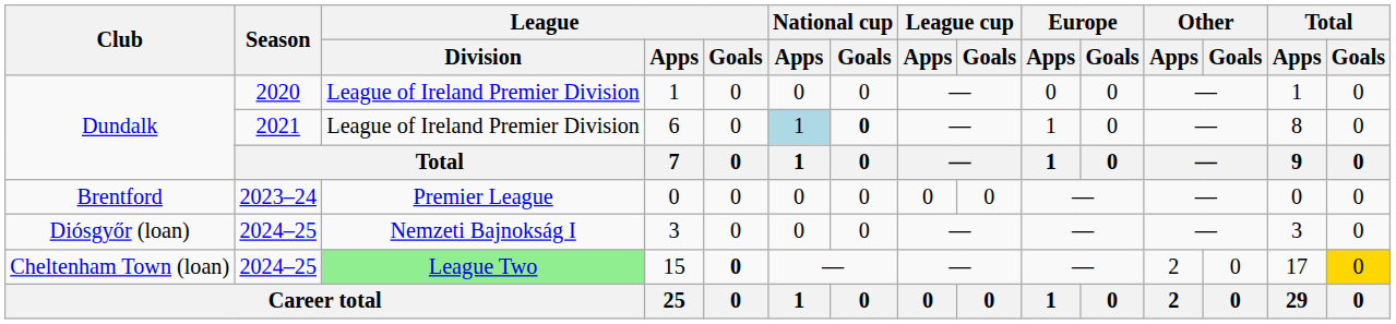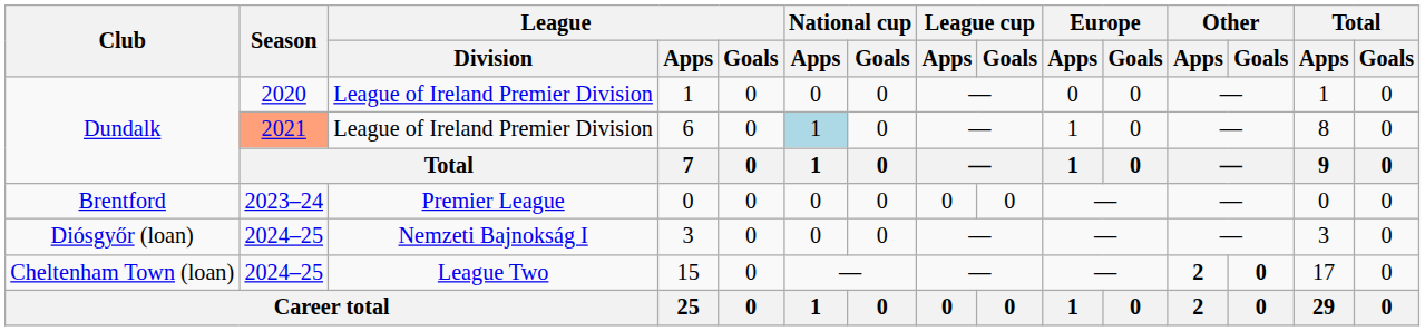 <table class="wikitable" style="text-align:center">
 <tr>
 <th rowspan="2">Club</th>
 <th rowspan="2">Season</th>
 <th colspan="3">League</th>
 <th colspan="2">National cup</th>
 <th colspan="2">League cup</th>
 <th colspan="2">Europe</th>
 <th colspan="2">Other</th>
 <th colspan="2">Total</th>
 </tr>
 <tr>
 <th>Division</th>
 <th>Apps</th>
 <th>Goals</th>
 <th>Apps</th>
 <th>Goals</th>
 <th>Apps</th>
 <th>Goals</th>
 <th>Apps</th>
 <th>Goals</th>
 <th>Apps</th>
 <th>Goals</th>
 <th>Apps</th>
 <th>Goals</th>
 </tr>
 <tr>
 <td rowspan="3"><a href='#'>Dundalk</a></td>
 <td><a href='#'>2020</a></td>
 <td><a href='#'>League of Ireland Premier Division</a></td>
 <td>1</td>
 <td>0</td>
 <td>0</td>
 <td>0</td>
 <td colspan="2">―</td>
 <td>0</td>
 <td>0</td>
 <td colspan="2">―</td>
 <td>1</td>
 <td>0</td>
 </tr>
 <tr>
-<td><a href='#'>2021</a></td>
+<td style="background: lightsalmon;"><a href='#'>2021</a></td>
 <td>League of Ireland Premier Division</td>
 <td>6</td>
 <td>0</td>
 <td style="background: lightblue;">1</td>
-<td><strong>0</strong></td>
+<td>0</td>
 <td colspan="2">―</td>
 <td>1</td>
 <td>0</td>
 <td colspan="2">―</td>
 <td>8</td>
 <td>0</td>
 </tr>
 <tr>
 <th colspan="2">Total</th>
 <th>7</th>
 <th>0</th>
 <th>1</th>
 <th>0</th>
 <th colspan="2">―</th>
 <th>1</th>
 <th>0</th>
 <th colspan="2">―</th>
 <th>9</th>
 <th>0</th>
 </tr>
 <tr>
 <td><a href='#'>Brentford</a></td>
 <td><a href='#'>2023–24</a></td>
 <td><a href='#'>Premier League</a></td>
 <td>0</td>
 <td>0</td>
 <td>0</td>
 <td>0</td>
 <td>0</td>
 <td>0</td>
 <td colspan="2">―</td>
 <td colspan="2">―</td>
 <td>0</td>
 <td>0</td>
 </tr>
 <tr>
 <td><a href='#'>Diósgyőr</a> (loan)</td>
 <td><a href='#'>2024–25</a></td>
 <td><a href='#'>Nemzeti Bajnokság I</a></td>
 <td>3</td>
 <td>0</td>
 <td>0</td>
 <td>0</td>
 <td colspan="2">―</td>
 <td colspan="2">―</td>
 <td colspan="2">―</td>
 <td>3</td>
 <td>0</td>
 </tr>
 <tr>
 <td><a href='#'>Cheltenham Town</a> (loan)</td>
 <td><a href='#'>2024–25</a></td>
-<td style="background: lightgreen;"><a href='#'>League Two</a></td>
+<td><a href='#'>League Two</a></td>
 <td>15</td>
-<td><strong>0</strong></td>
+<td>0</td>
 <td colspan="2">―</td>
 <td colspan="2">―</td>
 <td colspan="2">―</td>
-<td>2</td>
+<td><strong>2</strong></td>
+<td><strong>0</strong></td>
+<td>17</td>
 <td>0</td>
-<td>17</td>
-<td style="background: gold;">0</td>
 </tr>
 <tr>
 <th colspan="3">Career total</th>
 <th>25</th>
 <th>0</th>
 <th>1</th>
 <th>0</th>
 <th>0</th>
 <th>0</th>
 <th>1</th>
 <th>0</th>
 <th>2</th>
 <th>0</th>
 <th>29</th>
 <th>0</th>
 </tr>
 </table>
